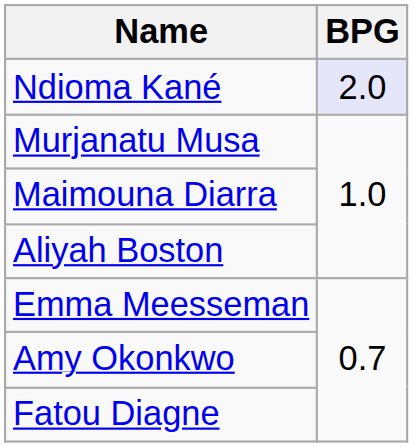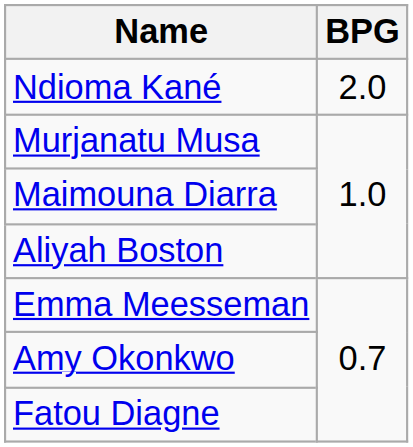 <table class=wikitable>
 <tr>
 <th>Name</th>
 <th>BPG</th>
 </tr>
 <tr>
 <td> <a href='#'>Ndioma Kané</a></td>
-<td align=center style="background: lavender;">2.0</td>
+<td align=center>2.0</td>
 </tr>
 <tr>
 <td> <a href='#'>Murjanatu Musa</a></td>
 <td align=center rowspan=3>1.0</td>
 </tr>
 <tr>
 <td> <a href='#'>Maimouna Diarra</a></td>
 </tr>
 <tr>
 <td> <a href='#'>Aliyah Boston</a></td>
 </tr>
 <tr>
 <td> <a href='#'>Emma Meesseman</a></td>
 <td align=center rowspan=3>0.7</td>
 </tr>
 <tr>
 <td> <a href='#'>Amy Okonkwo</a></td>
 </tr>
 <tr>
 <td> <a href='#'>Fatou Diagne</a></td>
 </tr>
 </table>
